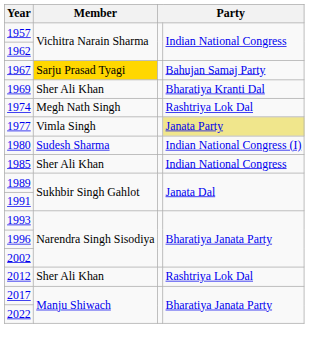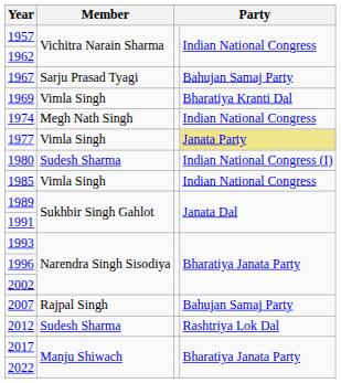 <table class="wikitable">
 <tr>
 <th>Year</th>
 <th>Member</th>
 <th colspan="2">Party</th>
 </tr>
 <tr>
 <td><a href='#'>1957</a></td>
 <td rowspan="2">Vichitra Narain Sharma</td>
 <td rowspan="2" style="background-color: "></td>
 <td rowspan="2"><a href='#'>Indian National Congress</a></td>
 </tr>
 <tr>
 <td><a href='#'>1962</a></td>
 </tr>
 <tr>
 <td><a href='#'>1967</a></td>
-<td style="background: gold;">Sarju Prasad Tyagi</td>
+<td>Sarju Prasad Tyagi</td>
 <td style="background-color: "></td>
 <td><a href='#'>Bahujan Samaj Party</a></td>
 </tr>
 <tr>
 <td><a href='#'>1969</a></td>
-<td>Sher Ali Khan</td>
+<td>Vimla Singh</td>
 <td style="background-color: "></td>
 <td><a href='#'>Bharatiya Kranti Dal</a></td>
 </tr>
 <tr>
 <td><a href='#'>1974</a></td>
 <td>Megh Nath Singh</td>
 <td style="background-color: "></td>
-<td><a href='#'>Rashtriya Lok Dal</a></td>
+<td><a href='#'>Indian National Congress</a></td>
 </tr>
 <tr>
 <td><a href='#'>1977</a></td>
 <td>Vimla Singh</td>
 <td style="background-color: "></td>
 <td style="background: khaki;"><a href='#'>Janata Party</a></td>
 </tr>
 <tr>
 <td><a href='#'>1980</a></td>
 <td><a href='#'>Sudesh Sharma</a></td>
 <td style="background-color: "></td>
 <td><a href='#'>Indian National Congress (I)</a></td>
 </tr>
 <tr>
 <td><a href='#'>1985</a></td>
-<td>Sher Ali Khan</td>
+<td>Vimla Singh</td>
 <td style="background-color: "></td>
 <td><a href='#'>Indian National Congress</a></td>
 </tr>
 <tr>
 <td><a href='#'>1989</a></td>
 <td rowspan="2">Sukhbir Singh Gahlot</td>
 <td rowspan="2" style="background-color: "></td>
 <td rowspan="2"><a href='#'>Janata Dal</a></td>
 </tr>
 <tr>
 <td><a href='#'>1991</a></td>
 </tr>
 <tr>
 <td><a href='#'>1993</a></td>
 <td rowspan="3">Narendra Singh Sisodiya</td>
 <td rowspan="3" style="background-color: "></td>
 <td rowspan="3"><a href='#'>Bharatiya Janata Party</a></td>
 </tr>
 <tr>
 <td><a href='#'>1996</a></td>
 </tr>
 <tr>
 <td><a href='#'>2002</a></td>
 </tr>
 <tr>
+<td><a href='#'>2007</a></td>
+<td>Rajpal Singh</td>
+<td style="background-color: "></td>
+<td><a href='#'>Bahujan Samaj Party</a></td>
+</tr>
+<tr>
 <td><a href='#'>2012</a></td>
-<td>Sher Ali Khan</td>
+<td><a href='#'>Sudesh Sharma</a></td>
 <td style="background-color: "></td>
 <td><a href='#'>Rashtriya Lok Dal</a></td>
 </tr>
 <tr>
 <td><a href='#'>2017</a></td>
 <td rowspan="2"><a href='#'>Manju Shiwach</a></td>
 <td rowspan="2" style="background-color: "></td>
 <td rowspan="2"><a href='#'>Bharatiya Janata Party</a></td>
 </tr>
 <tr>
 <td><a href='#'>2022</a></td>
 </tr>
 </table>
